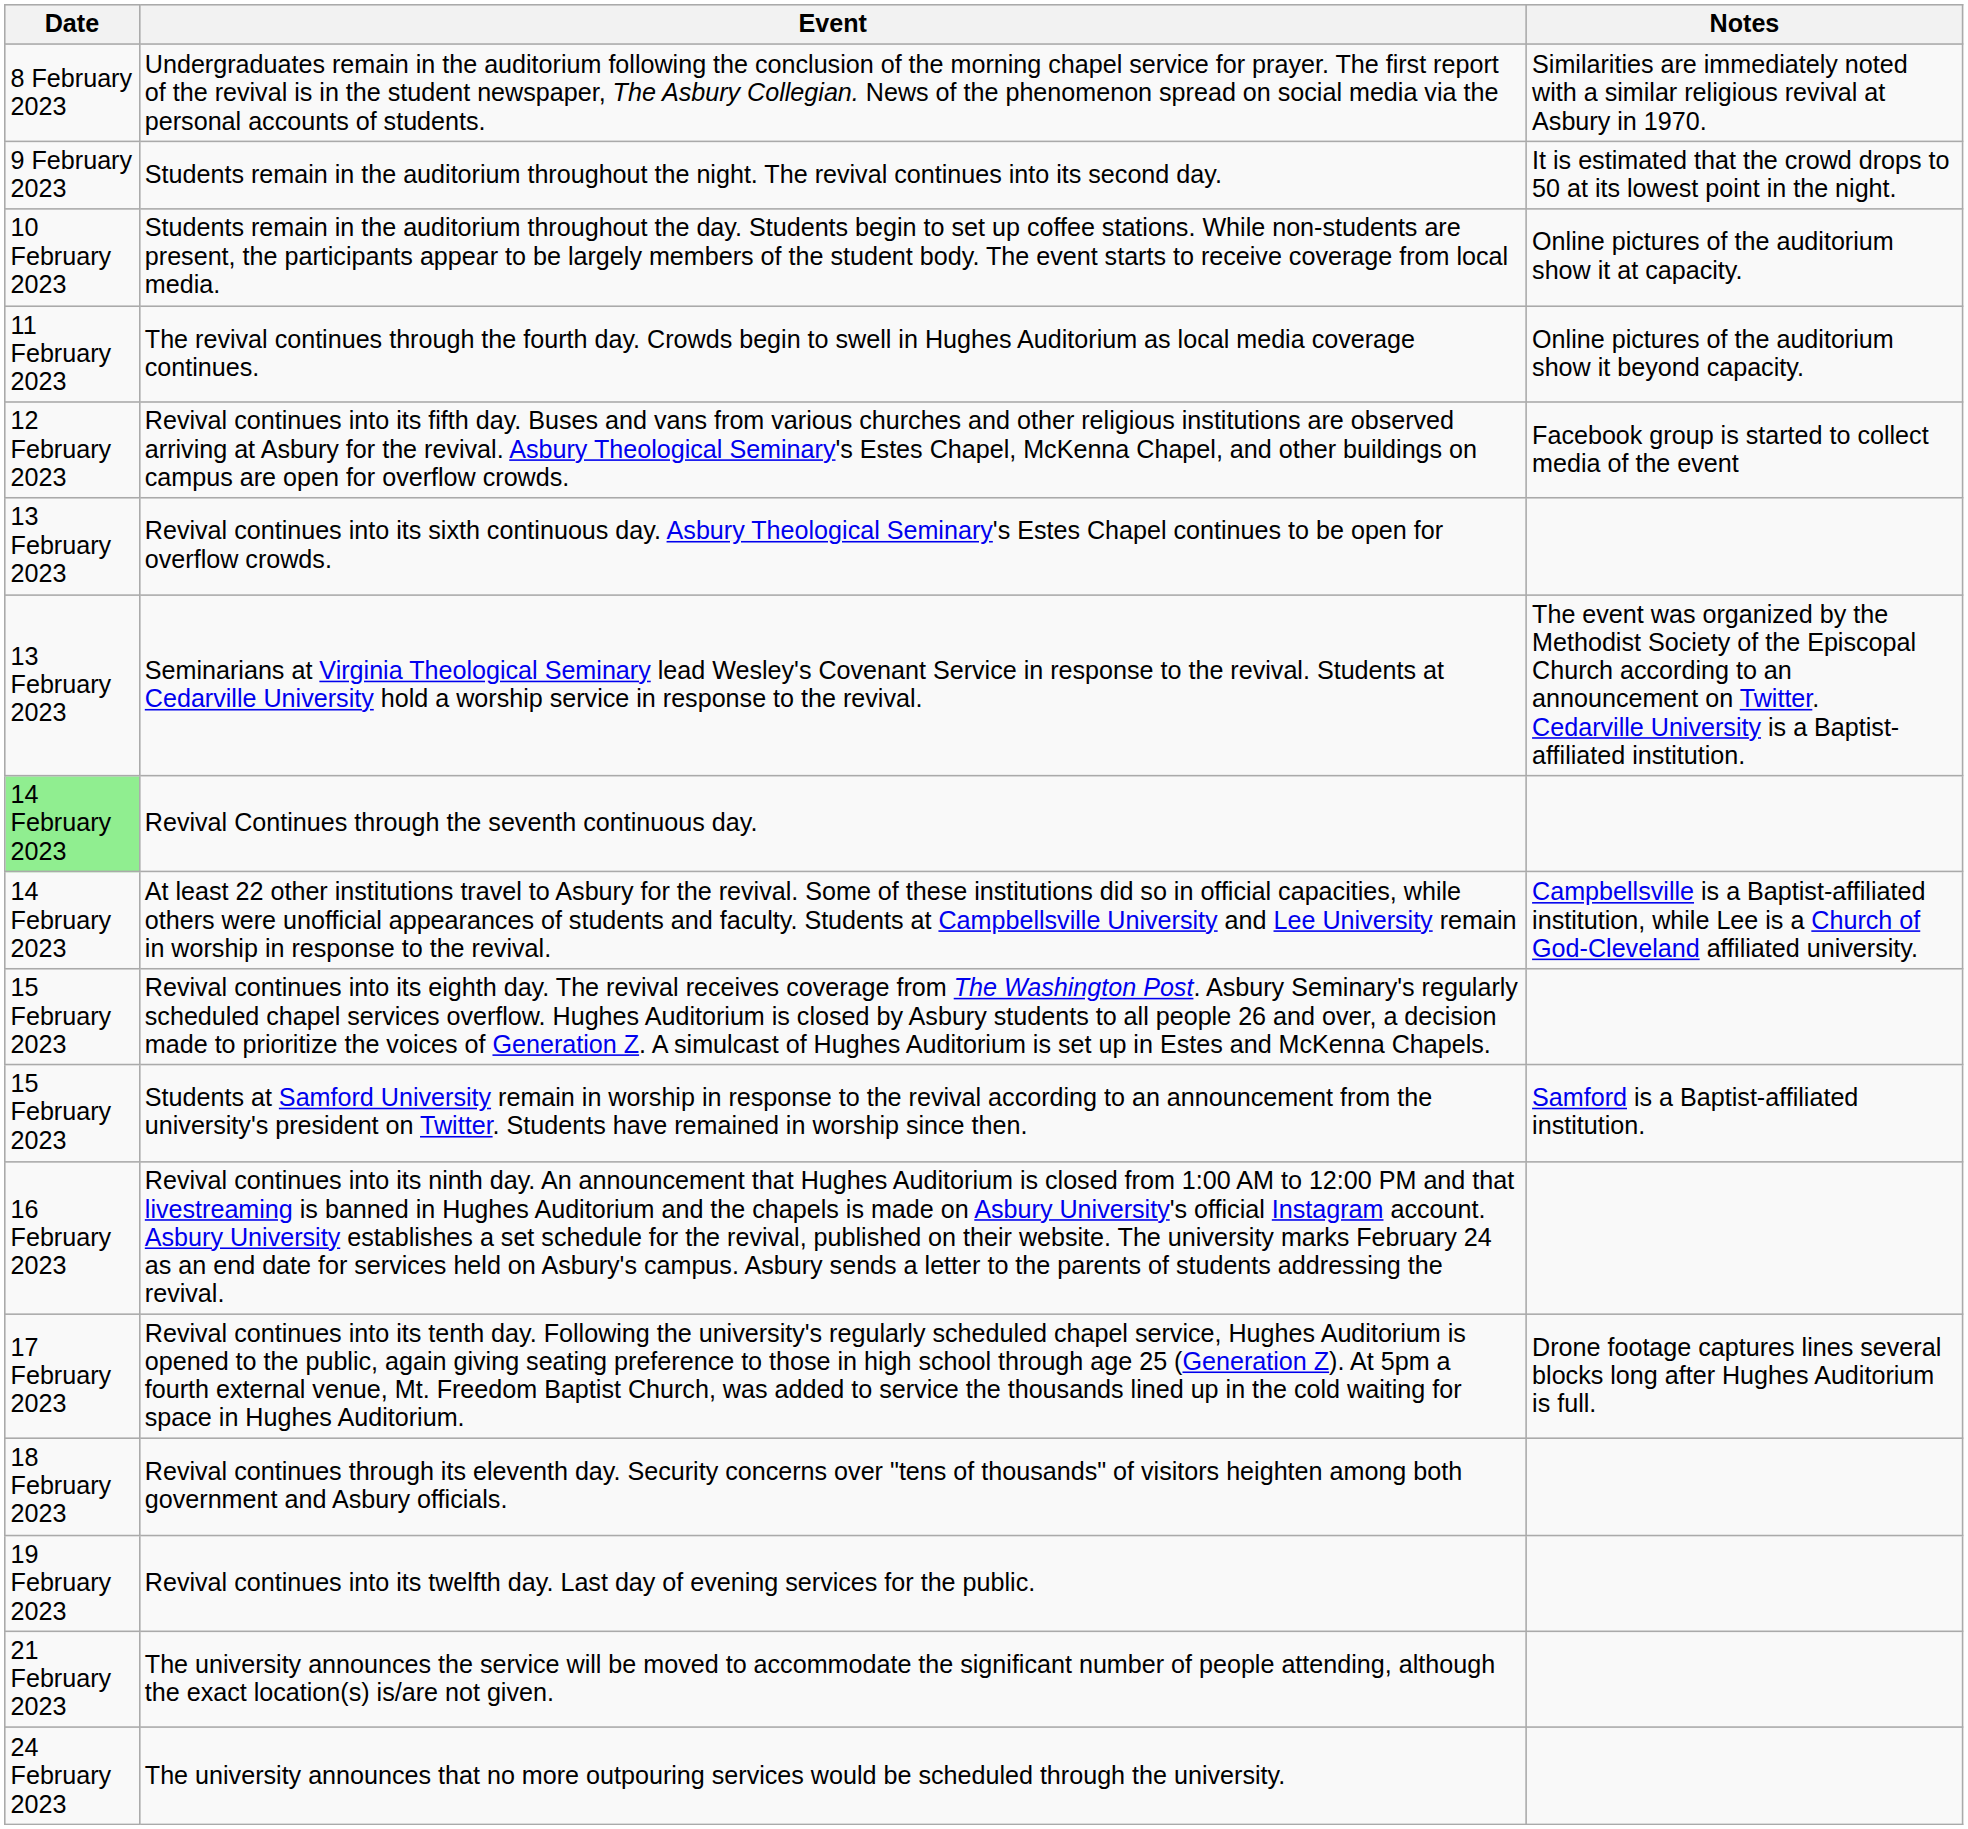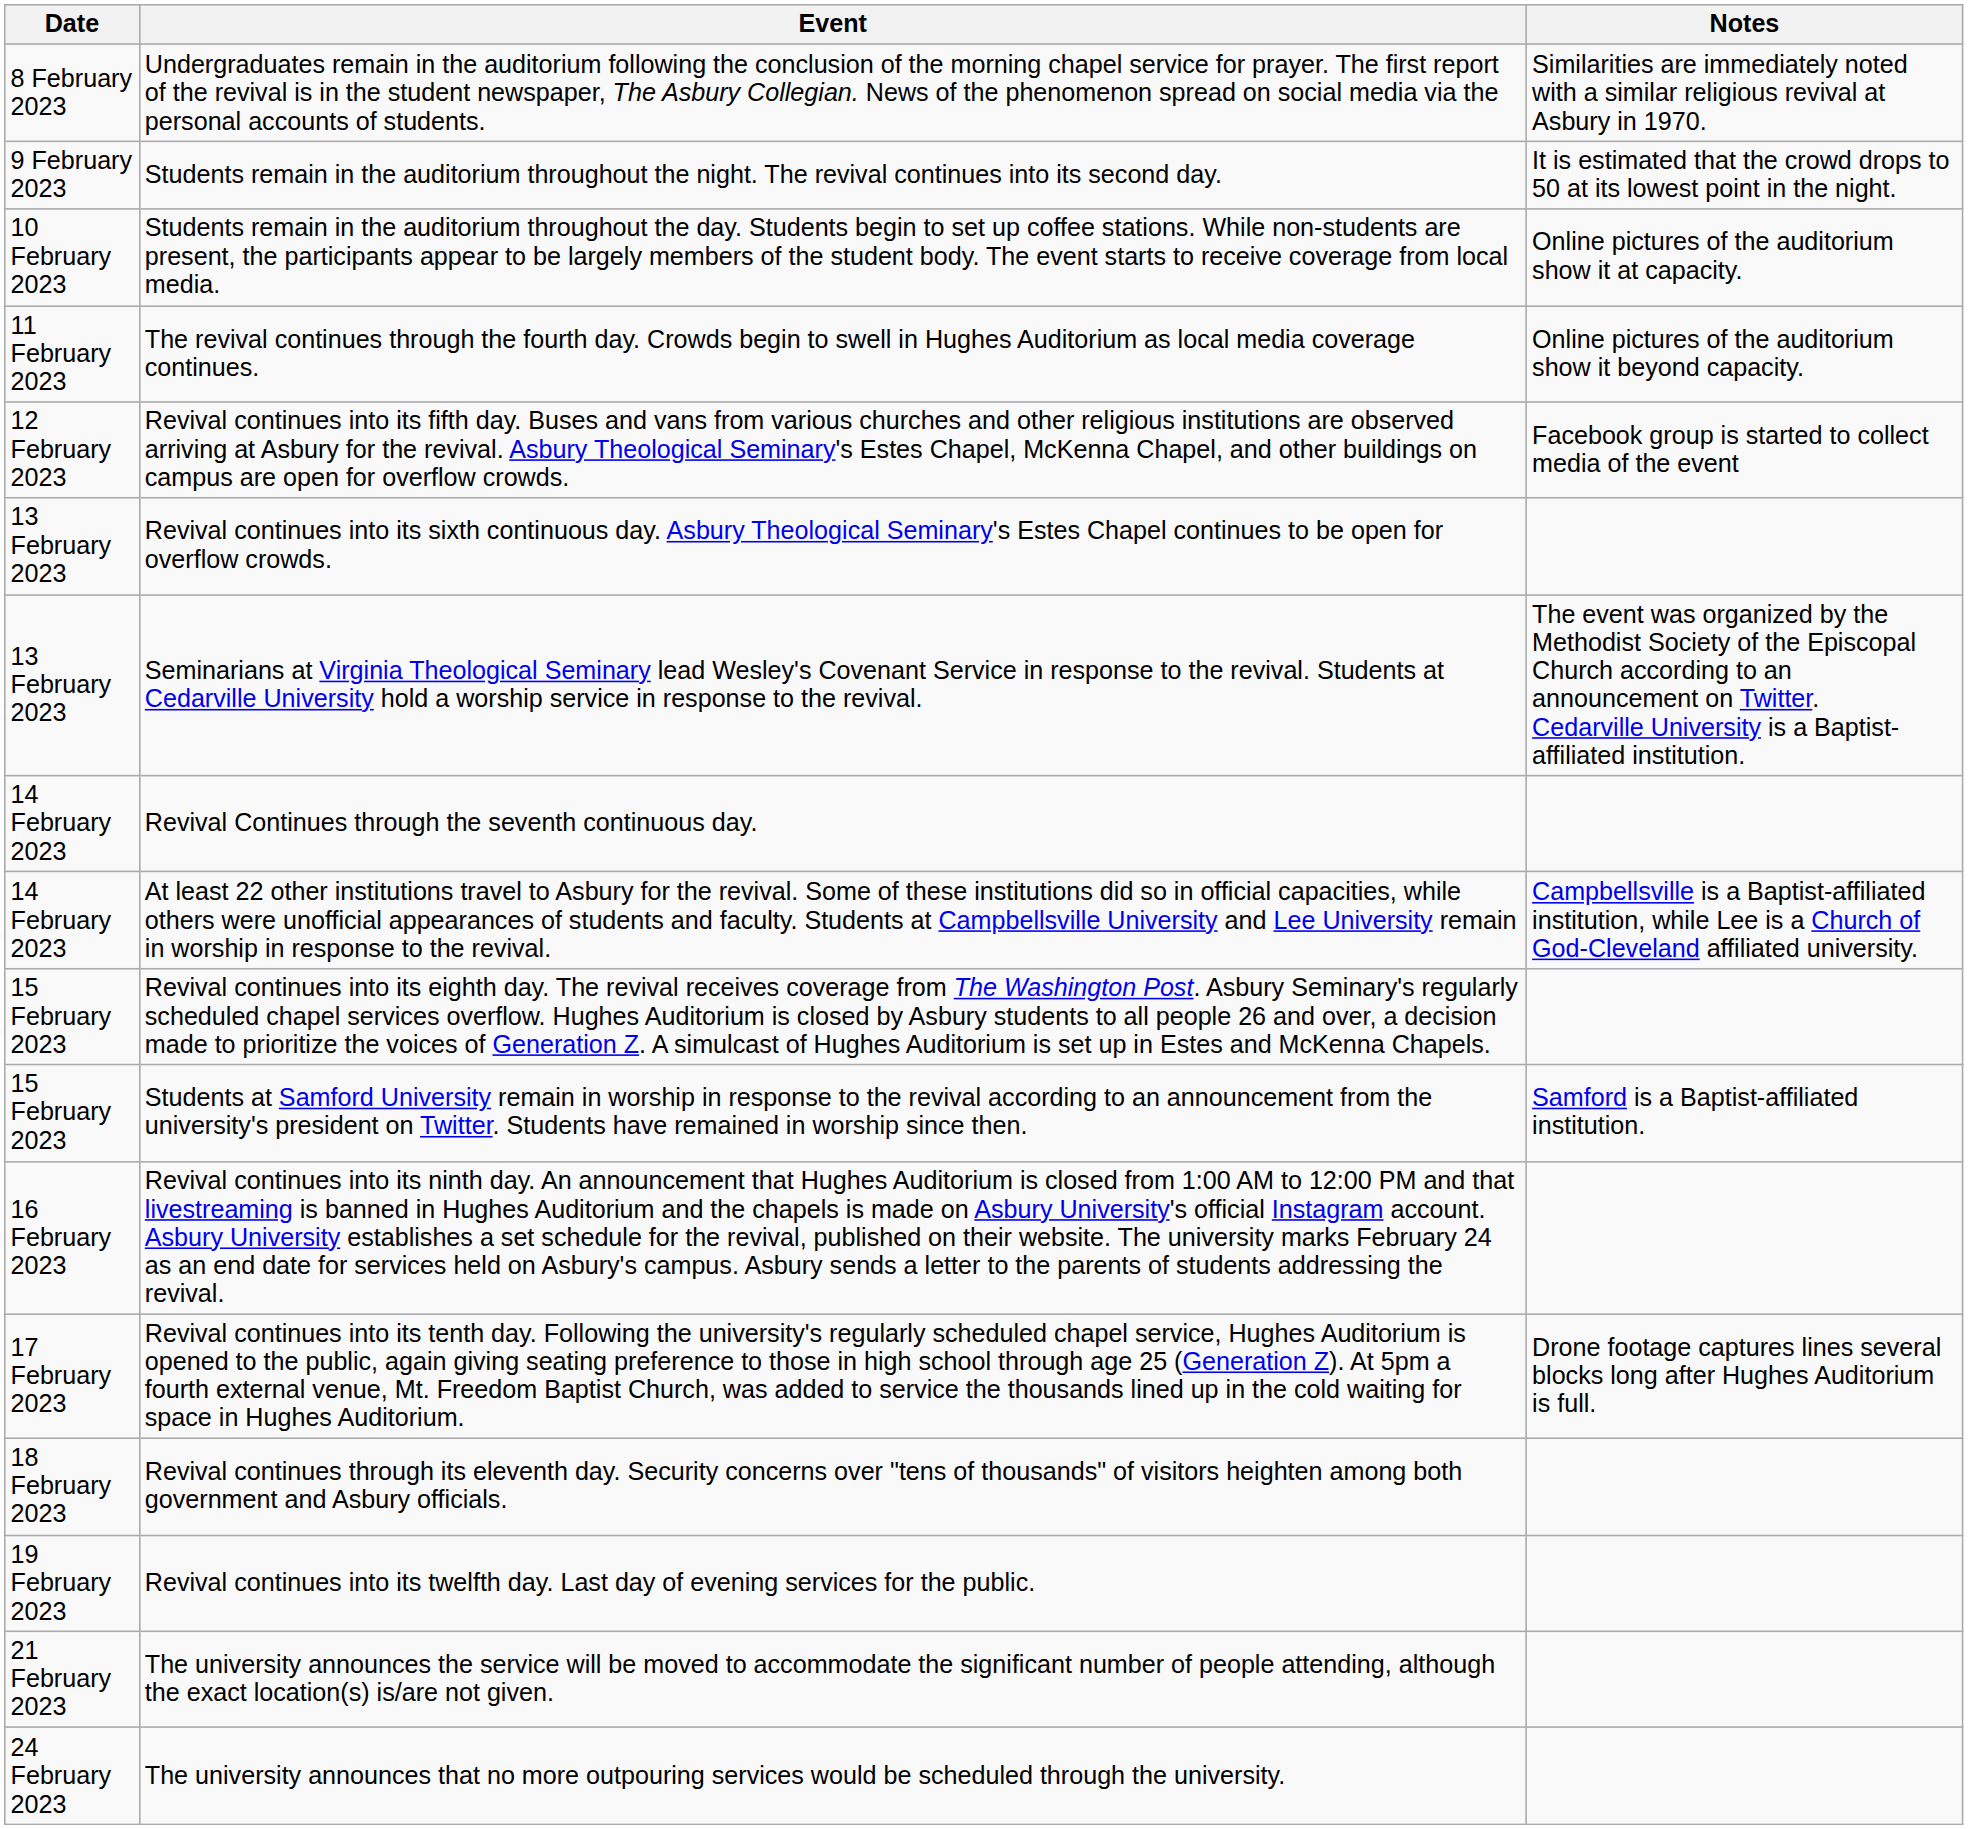 <table class="wikitable">
 <tr>
 <th>Date</th>
 <th>Event</th>
 <th>Notes</th>
 </tr>
 <tr>
 <td>8 February 2023</td>
 <td>Undergraduates remain in the auditorium following the conclusion of the morning chapel service for prayer. The first report of the revival is in the student newspaper, <em>The Asbury Collegian.</em> News of the phenomenon spread on social media via the personal accounts of students.</td>
 <td>Similarities are immediately noted with a similar religious revival at Asbury in 1970.</td>
 </tr>
 <tr>
 <td>9 February 2023</td>
 <td>Students remain in the auditorium throughout the night. The revival continues into its second day.</td>
 <td>It is estimated that the crowd drops to 50 at its lowest point in the night.</td>
 </tr>
 <tr>
 <td>10 February 2023</td>
 <td>Students remain in the auditorium throughout the day. Students begin to set up coffee stations. While non-students are present, the participants appear to be largely members of the student body. The event starts to receive coverage from local media.</td>
 <td>Online pictures of the auditorium show it at capacity.</td>
 </tr>
 <tr>
 <td>11 February 2023</td>
 <td>The revival continues through the fourth day. Crowds begin to swell in Hughes Auditorium as local media coverage continues.</td>
 <td>Online pictures of the auditorium show it beyond capacity.</td>
 </tr>
 <tr>
 <td>12 February 2023</td>
 <td>Revival continues into its fifth day. Buses and vans from various churches and other religious institutions are observed arriving at Asbury for the revival. <a href='#'>Asbury Theological Seminary</a>'s Estes Chapel, McKenna Chapel, and other buildings on campus are open for overflow crowds.</td>
 <td>Facebook group is started to collect media of the event </td>
 </tr>
 <tr>
 <td>13 February 2023</td>
 <td>Revival continues into its sixth continuous day. <a href='#'>Asbury Theological Seminary</a>'s Estes Chapel continues to be open for overflow crowds.</td>
 <td></td>
 </tr>
 <tr>
 <td>13 February 2023</td>
 <td>Seminarians at <a href='#'>Virginia Theological Seminary</a> lead Wesley's Covenant Service in response to the revival. Students at <a href='#'>Cedarville University</a> hold a worship service in response to the revival.</td>
 <td>The event was organized by the Methodist Society of the Episcopal Church according to an announcement on <a href='#'>Twitter</a>.<br><a href='#'>Cedarville University</a> is a Baptist-affiliated institution.</td>
 </tr>
 <tr>
-<td style="background: lightgreen;">14 February 2023</td>
+<td>14 February 2023</td>
 <td>Revival Continues through the seventh continuous day.</td>
 <td></td>
 </tr>
 <tr>
 <td>14 February 2023</td>
 <td>At least 22 other institutions travel to Asbury for the revival. Some of these institutions did so in official capacities, while others were unofficial appearances of students and faculty. Students at <a href='#'>Campbellsville University</a> and <a href='#'>Lee University</a> remain in worship in response to the revival.</td>
 <td><a href='#'>Campbellsville</a> is a Baptist-affiliated institution, while Lee is a <a href='#'>Church of God-Cleveland</a> affiliated university.</td>
 </tr>
 <tr>
 <td>15 February 2023</td>
 <td>Revival continues into its eighth day. The revival receives coverage from <em><a href='#'>The Washington Post</a></em>. Asbury Seminary's regularly scheduled chapel services overflow. Hughes Auditorium is closed by Asbury students to all people 26 and over, a decision made to prioritize the voices of <a href='#'>Generation Z</a>. A simulcast of Hughes Auditorium is set up in Estes and McKenna Chapels.</td>
 <td></td>
 </tr>
 <tr>
 <td>15 February 2023</td>
 <td>Students at <a href='#'>Samford University</a> remain in worship in response to the revival according to an announcement from the university's president on <a href='#'>Twitter</a>. Students have remained in worship since then.</td>
 <td><a href='#'>Samford</a> is a Baptist-affiliated institution.</td>
 </tr>
 <tr>
 <td>16 February 2023</td>
 <td>Revival continues into its ninth day. An announcement that Hughes Auditorium is closed from 1:00 AM to 12:00 PM and that <a href='#'>livestreaming</a> is banned in Hughes Auditorium and the chapels is made on <a href='#'>Asbury University</a>'s official <a href='#'>Instagram</a> account. <a href='#'>Asbury University</a> establishes a set schedule for the revival, published on their website. The university marks February 24 as an end date for services held on Asbury's campus. Asbury sends a letter to the parents of students addressing the revival.</td>
 <td></td>
 </tr>
 <tr>
 <td>17 February 2023</td>
 <td>Revival continues into its tenth day.  Following the university's regularly scheduled chapel service, Hughes Auditorium is opened to the public, again giving seating preference to those in high school through age 25 (<a href='#'>Generation Z</a>).  At 5pm a fourth external venue, Mt. Freedom Baptist Church, was added to service the thousands lined up in the cold waiting for space in Hughes Auditorium.</td>
 <td>Drone footage captures lines several blocks long after Hughes Auditorium is full.</td>
 </tr>
 <tr>
 <td>18 February 2023</td>
 <td>Revival continues through its eleventh day. Security concerns over "tens of thousands" of visitors heighten among both government and Asbury officials.</td>
 <td></td>
 </tr>
 <tr>
 <td>19 February 2023</td>
 <td>Revival continues into its twelfth day. Last day of evening services for the public.</td>
 <td></td>
 </tr>
 <tr>
 <td>21 February 2023</td>
 <td>The university announces the service will be moved to accommodate the significant number of people attending, although the exact location(s) is/are not given.</td>
 <td></td>
 </tr>
 <tr>
 <td>24 February 2023</td>
 <td>The university announces that no more outpouring services would be scheduled through the university.</td>
 </tr>
 </table>
